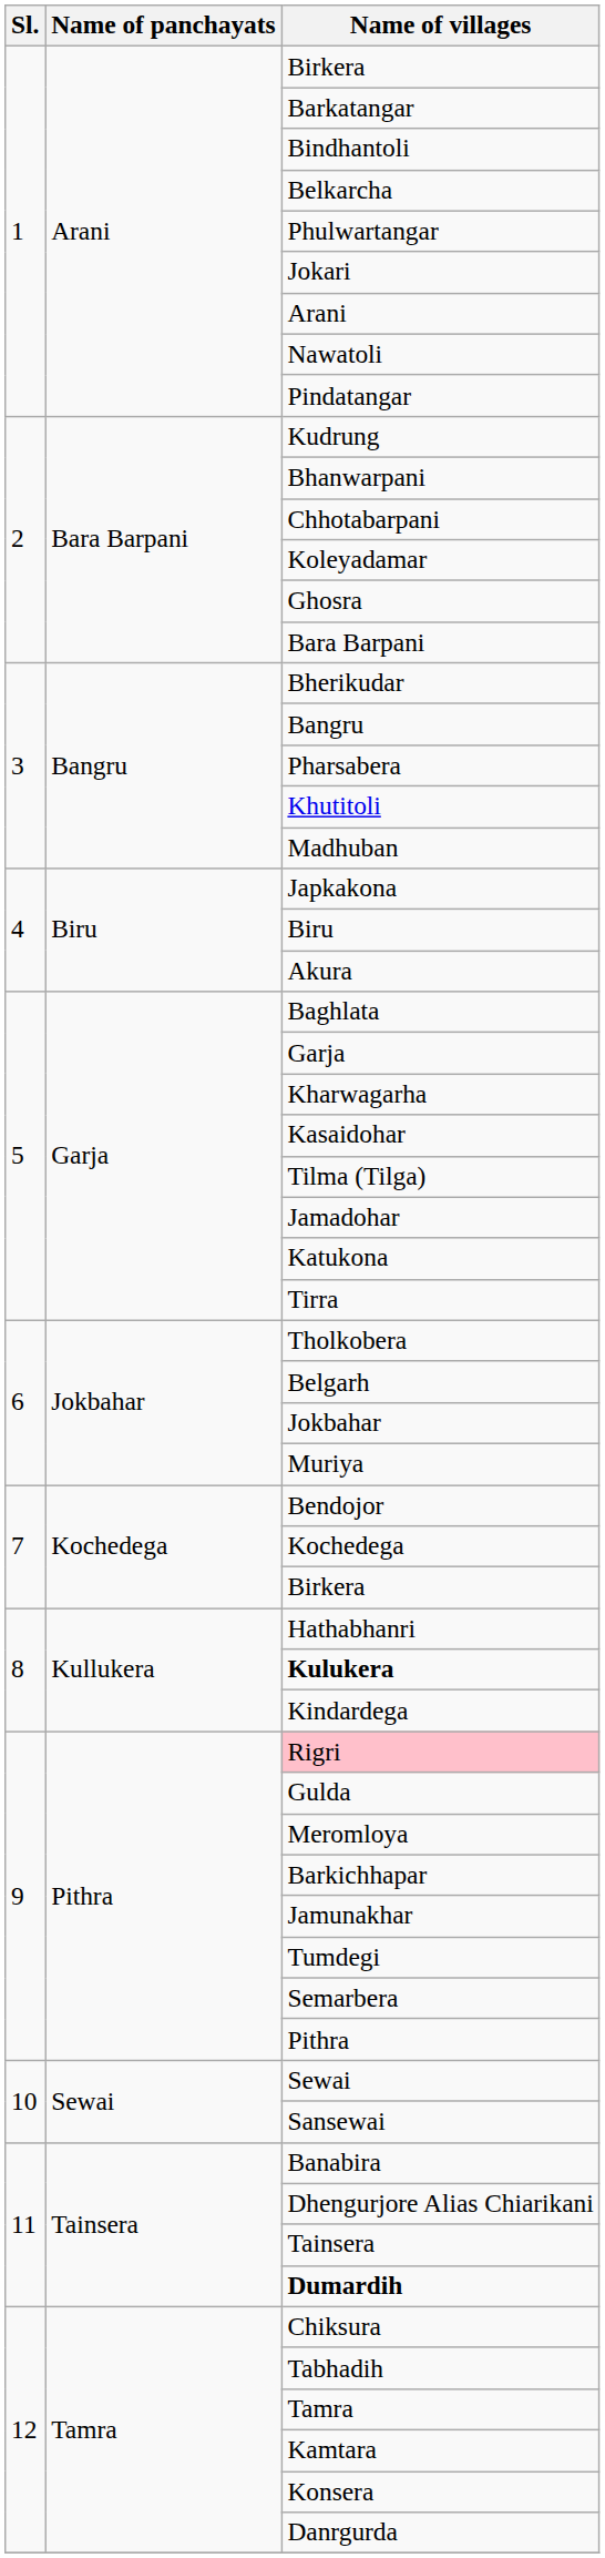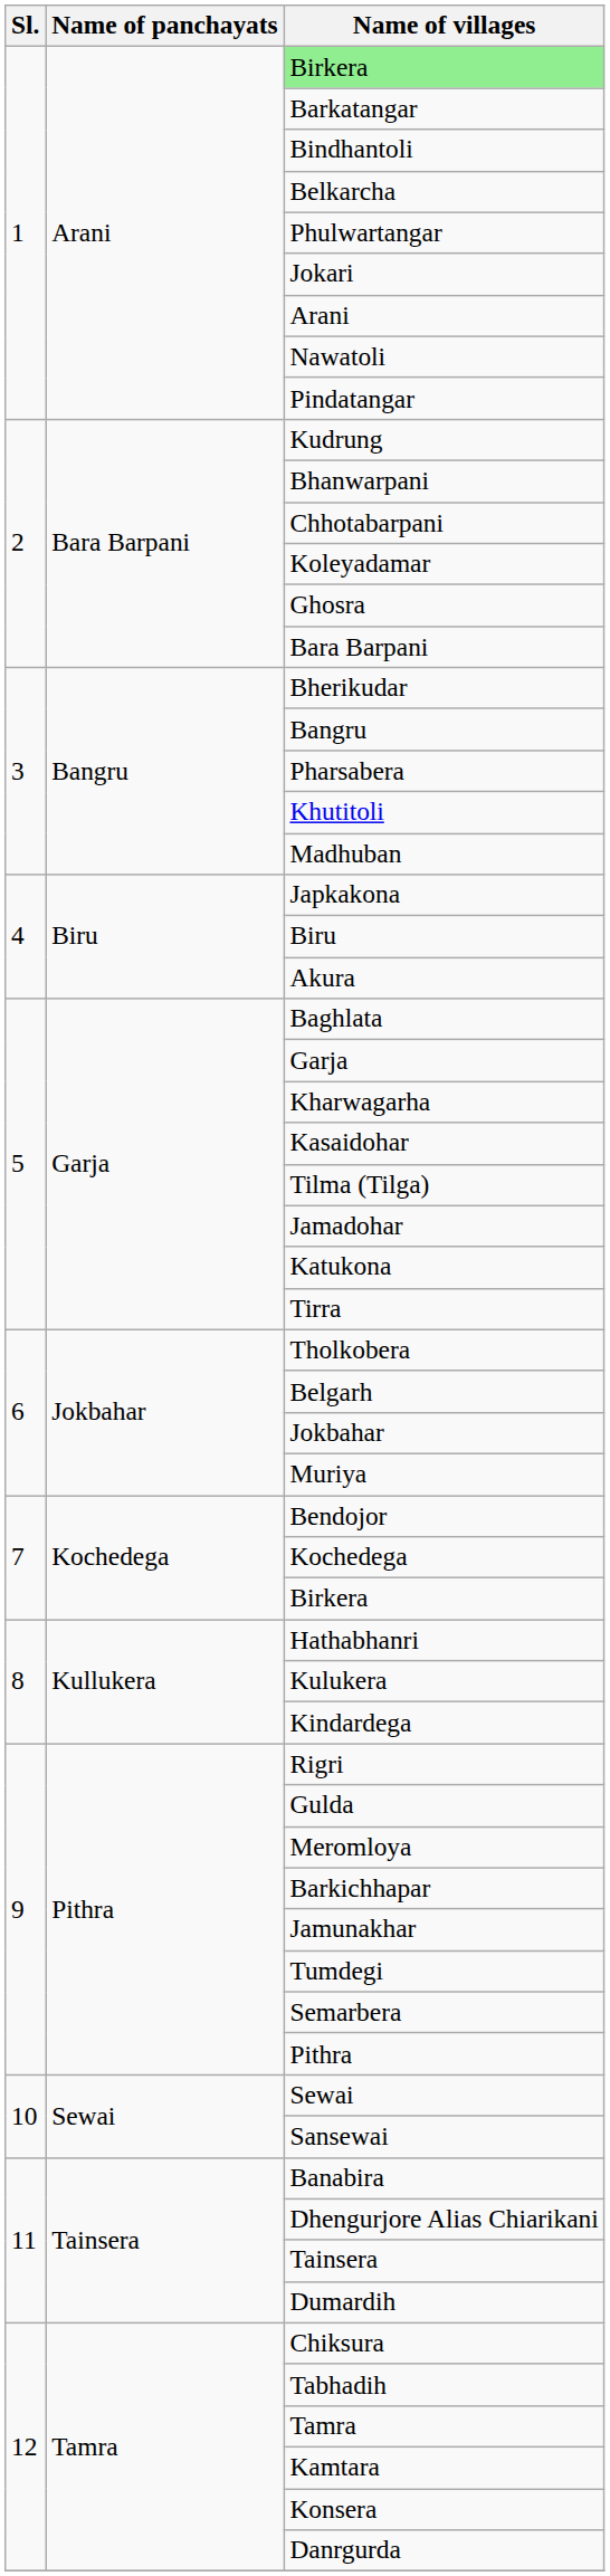 <table class="wikitable plainrowheaders sortable">
 <tr>
 <th scope="col">Sl.</th>
 <th scope="col">Name of panchayats</th>
 <th scope="col">Name of villages</th>
 </tr>
 <tr>
 <td rowspan="9">1</td>
 <td rowspan="9">Arani</td>
-<td>Birkera</td>
+<td style="background: lightgreen;">Birkera</td>
 </tr>
 <tr>
 <td>Barkatangar</td>
 </tr>
 <tr>
 <td>Bindhantoli</td>
 </tr>
 <tr>
 <td>Belkarcha</td>
 </tr>
 <tr>
 <td>Phulwartangar</td>
 </tr>
 <tr>
 <td>Jokari</td>
 </tr>
 <tr>
 <td>Arani</td>
 </tr>
 <tr>
 <td>Nawatoli</td>
 </tr>
 <tr>
 <td>Pindatangar</td>
 </tr>
 <tr>
 <td rowspan="6">2</td>
 <td rowspan="6">Bara Barpani</td>
 <td>Kudrung</td>
 </tr>
 <tr>
 <td>Bhanwarpani</td>
 </tr>
 <tr>
 <td>Chhotabarpani</td>
 </tr>
 <tr>
 <td>Koleyadamar</td>
 </tr>
 <tr>
 <td>Ghosra</td>
 </tr>
 <tr>
 <td>Bara Barpani</td>
 </tr>
 <tr>
 <td rowspan="5">3</td>
 <td rowspan="5">Bangru</td>
 <td>Bherikudar</td>
 </tr>
 <tr>
 <td>Bangru</td>
 </tr>
 <tr>
 <td>Pharsabera</td>
 </tr>
 <tr>
 <td><a href='#'>Khutitoli</a></td>
 </tr>
 <tr>
 <td>Madhuban</td>
 </tr>
 <tr>
 <td rowspan="3">4</td>
 <td rowspan="3">Biru</td>
 <td>Japkakona</td>
 </tr>
 <tr>
 <td>Biru</td>
 </tr>
 <tr>
 <td>Akura</td>
 </tr>
 <tr>
 <td rowspan="8">5</td>
 <td rowspan="8">Garja</td>
 <td>Baghlata</td>
 </tr>
 <tr>
 <td>Garja</td>
 </tr>
 <tr>
 <td>Kharwagarha</td>
 </tr>
 <tr>
 <td>Kasaidohar</td>
 </tr>
 <tr>
 <td>Tilma (Tilga)</td>
 </tr>
 <tr>
 <td>Jamadohar</td>
 </tr>
 <tr>
 <td>Katukona</td>
 </tr>
 <tr>
 <td>Tirra</td>
 </tr>
 <tr>
 <td rowspan="4">6</td>
 <td rowspan="4">Jokbahar</td>
 <td>Tholkobera</td>
 </tr>
 <tr>
 <td>Belgarh</td>
 </tr>
 <tr>
 <td>Jokbahar</td>
 </tr>
 <tr>
 <td>Muriya</td>
 </tr>
 <tr>
 <td rowspan="3">7</td>
 <td rowspan="3">Kochedega</td>
 <td>Bendojor</td>
 </tr>
 <tr>
 <td>Kochedega</td>
 </tr>
 <tr>
 <td>Birkera</td>
 </tr>
 <tr>
 <td rowspan="3">8</td>
 <td rowspan="3">Kullukera</td>
 <td>Hathabhanri</td>
 </tr>
 <tr>
-<td><strong>Kulukera</strong></td>
+<td>Kulukera</td>
 </tr>
 <tr>
 <td>Kindardega</td>
 </tr>
 <tr>
 <td rowspan="8">9</td>
 <td rowspan="8">Pithra</td>
-<td style="background: pink;">Rigri</td>
+<td>Rigri</td>
 </tr>
 <tr>
 <td>Gulda</td>
 </tr>
 <tr>
 <td>Meromloya</td>
 </tr>
 <tr>
 <td>Barkichhapar</td>
 </tr>
 <tr>
 <td>Jamunakhar</td>
 </tr>
 <tr>
 <td>Tumdegi</td>
 </tr>
 <tr>
 <td>Semarbera</td>
 </tr>
 <tr>
 <td>Pithra</td>
 </tr>
 <tr>
 <td rowspan="2">10</td>
 <td rowspan="2">Sewai</td>
 <td>Sewai</td>
 </tr>
 <tr>
 <td>Sansewai</td>
 </tr>
 <tr>
 <td rowspan="4">11</td>
 <td rowspan="4">Tainsera</td>
 <td>Banabira</td>
 </tr>
 <tr>
 <td>Dhengurjore Alias Chiarikani</td>
 </tr>
 <tr>
 <td>Tainsera</td>
 </tr>
 <tr>
-<td><strong>Dumardih</strong></td>
+<td>Dumardih</td>
 </tr>
 <tr>
 <td rowspan="6">12</td>
 <td rowspan="6">Tamra</td>
 <td>Chiksura</td>
 </tr>
 <tr>
 <td>Tabhadih</td>
 </tr>
 <tr>
 <td>Tamra</td>
 </tr>
 <tr>
 <td>Kamtara</td>
 </tr>
 <tr>
 <td>Konsera</td>
 </tr>
 <tr>
 <td>Danrgurda</td>
 </tr>
 <tr>
 </tr>
 </table>
